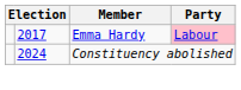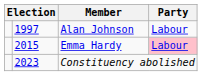 <table class="wikitable">
 <tr>
 <th colspan="2">Election</th>
 <th>Member</th>
 <th>Party</th>
 </tr>
 <tr>
 <td style="color:inherit;background-color: "></td>
-<td><a href='#'>2017</a></td>
+<td><a href='#'>1997</a></td>
+<td><a href='#'>Alan Johnson</a></td>
+<td><a href='#'>Labour</a></td>
+</tr>
+<tr>
+<td style="color:inherit;background-color: "></td>
+<td><a href='#'>2015</a></td>
 <td><a href='#'>Emma Hardy</a></td>
 <td style="background: pink;"><a href='#'>Labour</a></td>
 </tr>
 <tr>
 <td></td>
-<td><a href='#'>2024</a></td>
+<td><a href='#'>2023</a></td>
 <td colspan="2"><em>Constituency abolished</em></td>
 </tr>
 </table>
